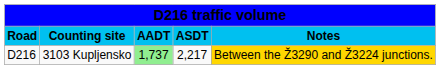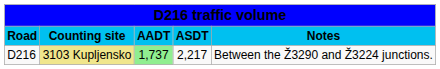 <table class="wikitable">
 <tr>
 <td colspan=5 bgcolor=blue align=center style=margin-top:15><span><big><strong>D216 traffic volume</strong></big></span></td>
 </tr>
 <tr>
 <td align=center bgcolor=00c0f0><strong>Road</strong></td>
 <td align=center bgcolor=00c0f0><strong>Counting site</strong></td>
 <td align=center bgcolor=00c0f0><strong>AADT</strong></td>
 <td align=center bgcolor=00c0f0><strong>ASDT</strong></td>
 <td align=center bgcolor=00c0f0><strong>Notes</strong></td>
 </tr>
 <tr>
 <td> D216</td>
-<td>3103 Kupljensko</td>
+<td style="background: khaki;">3103 Kupljensko</td>
 <td align=center style="background: lightgreen;">1,737</td>
 <td align=center>2,217</td>
-<td style="background: gold;">Between the Ž3290 and Ž3224 junctions.</td>
+<td>Between the Ž3290 and Ž3224 junctions.</td>
 </tr>
 </table>
